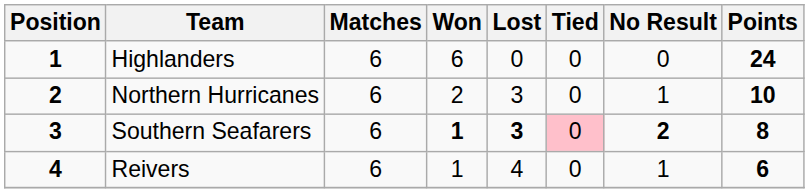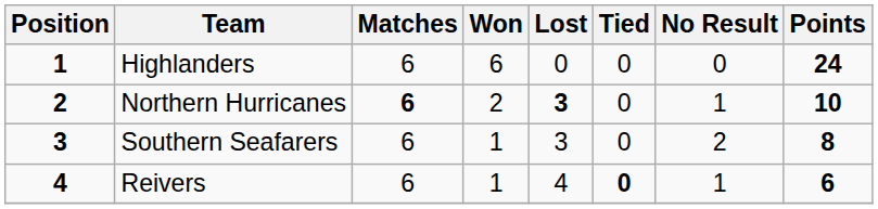 <table class="wikitable" style="text-align:center;">
 <tr>
 <th>Position</th>
 <th>Team</th>
 <th>Matches</th>
 <th>Won</th>
 <th>Lost</th>
 <th>Tied</th>
 <th>No Result</th>
 <th>Points</th>
 </tr>
 <tr>
 <td><strong>1</strong></td>
 <td style="text-align:left;">Highlanders</td>
 <td>6</td>
 <td>6</td>
 <td>0</td>
 <td>0</td>
 <td>0</td>
 <td><strong>24</strong></td>
 </tr>
 <tr>
 <td><strong>2</strong></td>
 <td style="text-align:left;">Northern Hurricanes</td>
-<td>6</td>
+<td><strong>6</strong></td>
 <td>2</td>
-<td>3</td>
+<td><strong>3</strong></td>
 <td>0</td>
 <td>1</td>
 <td><strong>10</strong></td>
 </tr>
 <tr>
 <td><strong>3</strong></td>
 <td style="text-align:left;">Southern Seafarers</td>
 <td>6</td>
-<td><strong>1</strong></td>
-<td><strong>3</strong></td>
-<td style="background: pink;">0</td>
-<td><strong>2</strong></td>
+<td>1</td>
+<td>3</td>
+<td>0</td>
+<td>2</td>
 <td><strong>8</strong></td>
 </tr>
 <tr>
 <td><strong>4</strong></td>
 <td style="text-align:left;">Reivers</td>
 <td>6</td>
 <td>1</td>
 <td>4</td>
-<td>0</td>
+<td><strong>0</strong></td>
 <td>1</td>
 <td><strong>6</strong></td>
 </tr>
 <tr>
 </tr>
 </table>
